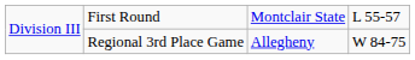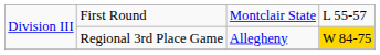 <table class="wikitable">
 <tr>
 <td rowspan="2"><a href='#'>Division III</a></td>
 <td>First Round</td>
 <td><a href='#'>Montclair State</a></td>
 <td>L 55-57</td>
 </tr>
 <tr>
 <td>Regional 3rd Place Game</td>
 <td><a href='#'>Allegheny</a></td>
-<td>W 84-75</td>
+<td style="background: gold;">W 84-75</td>
 </tr>
 </table>
